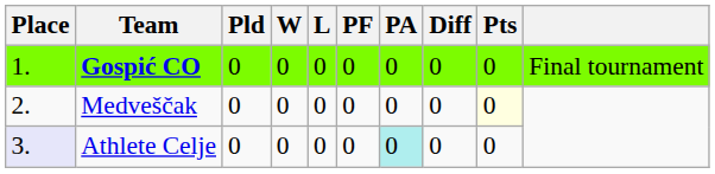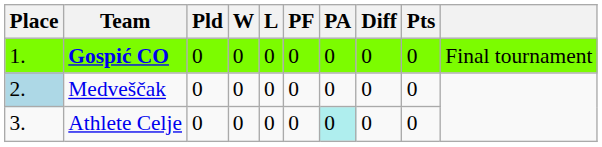 <table class="wikitable">
 <tr>
 <th>Place</th>
 <th>Team</th>
 <th>Pld</th>
 <th>W</th>
 <th>L</th>
 <th>PF</th>
 <th>PA</th>
 <th>Diff</th>
 <th>Pts</th>
 <th></th>
 </tr>
 <tr bgcolor="lawngreen">
 <td>1.</td>
 <td> <strong><a href='#'>Gospić CO</a></strong></td>
 <td>0</td>
 <td>0</td>
 <td>0</td>
 <td>0</td>
 <td>0</td>
 <td>0</td>
 <td>0</td>
 <td rowspan="1">Final tournament</td>
 </tr>
 <tr>
-<td>2.</td>
+<td style="background: lightblue;">2.</td>
 <td> <a href='#'>Medveščak</a></td>
 <td>0</td>
 <td>0</td>
 <td>0</td>
 <td>0</td>
 <td>0</td>
 <td>0</td>
-<td style="background: lightyellow;">0</td>
+<td>0</td>
 <td rowspan="2"></td>
 </tr>
 <tr>
-<td style="background: lavender;">3.</td>
+<td>3.</td>
 <td> <a href='#'>Athlete Celje</a></td>
 <td>0</td>
 <td>0</td>
 <td>0</td>
 <td>0</td>
 <td style="background: paleturquoise;">0</td>
 <td>0</td>
 <td>0</td>
 </tr>
 </table>
